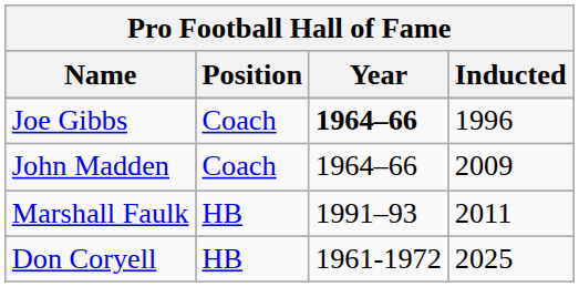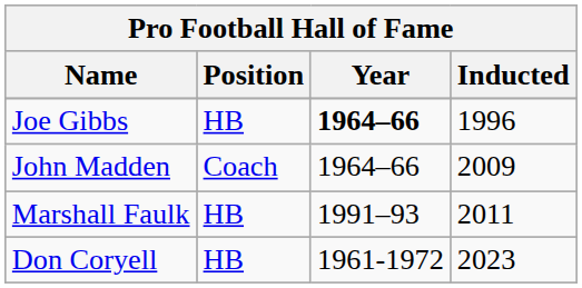 <table class="wikitable">
 <tr align="center">
 <th colspan=5>Pro Football Hall of Fame</th>
 </tr>
 <tr>
 <th>Name</th>
 <th>Position</th>
 <th>Year</th>
 <th>Inducted</th>
 </tr>
 <tr align="center" bgcolor="">
 </tr>
 <tr>
 <td><a href='#'>Joe Gibbs</a></td>
-<td><a href='#'>Coach</a></td>
+<td><a href='#'>HB</a></td>
 <td><strong>1964–66</strong></td>
 <td>1996</td>
 </tr>
 <tr>
 <td><a href='#'>John Madden</a></td>
 <td><a href='#'>Coach</a></td>
 <td>1964–66</td>
 <td>2009</td>
 </tr>
 <tr>
 <td><a href='#'>Marshall Faulk</a></td>
 <td><a href='#'>HB</a></td>
 <td>1991–93</td>
 <td>2011</td>
 </tr>
 <tr>
 <td><a href='#'>Don Coryell</a></td>
 <td><a href='#'>HB</a></td>
 <td>1961-1972</td>
-<td>2025</td>
+<td>2023</td>
 </tr>
 </table>
